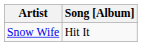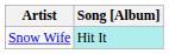 <table class="wikitable">
 <tr>
 <th>Artist</th>
 <th>Song [Album]</th>
 </tr>
 <tr>
 <td><a href='#'>Snow Wife</a></td>
-<td>Hit It</td>
+<td style="background: paleturquoise;">Hit It</td>
 </tr>
 </table>
